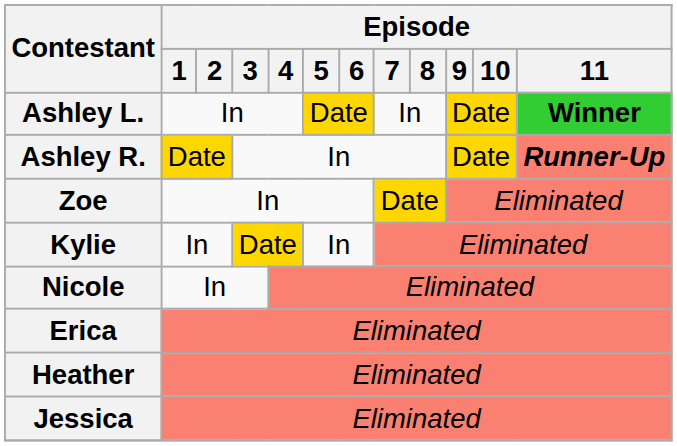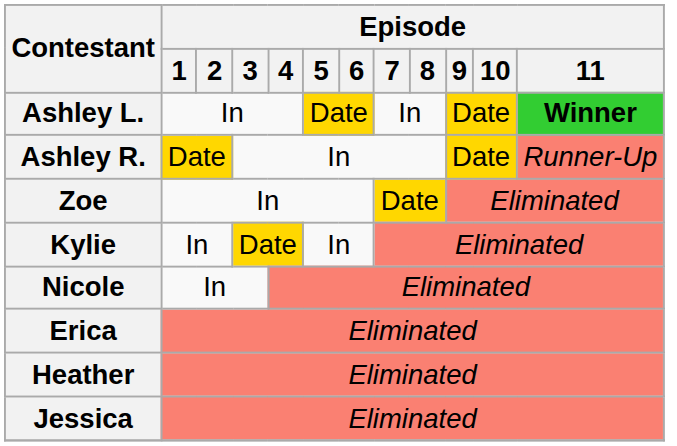 <table class="wikitable" style="text-align:center; font-size:90%;">
 <tr>
 <th rowspan="2">Contestant</th>
 <th colspan="11">Episode</th>
 </tr>
 <tr>
 <th>1</th>
 <th>2</th>
 <th>3</th>
 <th>4</th>
 <th>5</th>
 <th>6</th>
 <th>7</th>
 <th>8</th>
 <th>9</th>
 <th>10</th>
 <th>11</th>
 </tr>
 <tr>
 <th>Ashley L.</th>
 <td colspan="4">In</td>
 <td colspan="2" style="background:gold;">Date</td>
 <td colspan="2">In</td>
 <td colspan="2" style="background:gold;">Date</td>
 <td bgcolor="limegreen"><strong>Winner</strong></td>
 </tr>
 <tr>
 <th>Ashley R.</th>
 <td colspan="2" style="background:gold;">Date</td>
 <td colspan="6">In</td>
 <td colspan="2" style="background:gold;">Date</td>
-<td bgcolor="salmon"><strong><em>Runner-Up</em></strong></td>
+<td bgcolor="salmon"><em>Runner-Up</em></td>
 </tr>
 <tr>
 <th>Zoe</th>
 <td colspan="6">In</td>
 <td colspan="2" style="background:gold;">Date</td>
 <td style="background:salmon;" colspan="3"><em>Eliminated</em></td>
 </tr>
 <tr>
 <th>Kylie</th>
 <td colspan="2">In</td>
 <td colspan="2" style="background:gold;">Date</td>
 <td colspan="2">In</td>
 <td style="background:salmon;" colspan="5"><em>Eliminated</em></td>
 </tr>
 <tr>
 <th>Nicole</th>
 <td colspan="3">In</td>
 <td style="background:salmon;" colspan="8"><em>Eliminated</em></td>
 </tr>
 <tr>
 <th>Erica</th>
 <td style="background:salmon;" colspan="11"><em>Eliminated</em></td>
 </tr>
 <tr>
 <th>Heather</th>
 <td style="background:salmon;" colspan="11"><em>Eliminated</em></td>
 </tr>
 <tr>
 <th>Jessica</th>
 <td style="background:salmon;" colspan="11"><em>Eliminated</em></td>
 </tr>
 <tr>
 </tr>
 </table>
